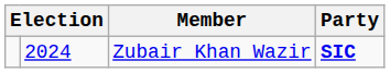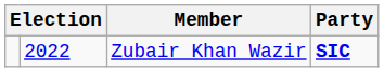 <table class="wikitable">
 <tr>
 <th colspan="2">Election</th>
 <th>Member</th>
 <th>Party</th>
 </tr>
 <tr>
 <td style="background-color: "></td>
-<td><a href='#'>2024</a></td>
+<td><a href='#'>2022</a></td>
 <td><a href='#'>Zubair Khan Wazir</a></td>
 <td><strong><a href='#'>SIC</a></strong></td>
 </tr>
 </table>
